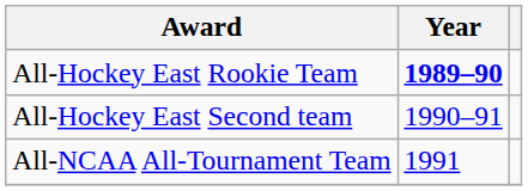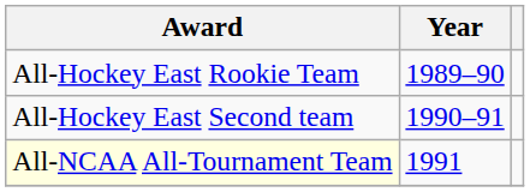 <table class="wikitable">
 <tr>
 <th>Award</th>
 <th>Year</th>
 <th></th>
 </tr>
 <tr>
 <td>All-<a href='#'>Hockey East</a> <a href='#'>Rookie Team</a></td>
-<td><strong><a href='#'>1989–90</a></strong></td>
+<td><a href='#'>1989–90</a></td>
 <td></td>
 </tr>
 <tr>
 <td>All-<a href='#'>Hockey East</a> <a href='#'>Second team</a></td>
 <td><a href='#'>1990–91</a></td>
 <td></td>
 </tr>
 <tr>
-<td>All-<a href='#'>NCAA</a> <a href='#'>All-Tournament Team</a></td>
+<td style="background: lightyellow;">All-<a href='#'>NCAA</a> <a href='#'>All-Tournament Team</a></td>
 <td><a href='#'>1991</a></td>
 <td></td>
 </tr>
 <tr>
 </tr>
 </table>
